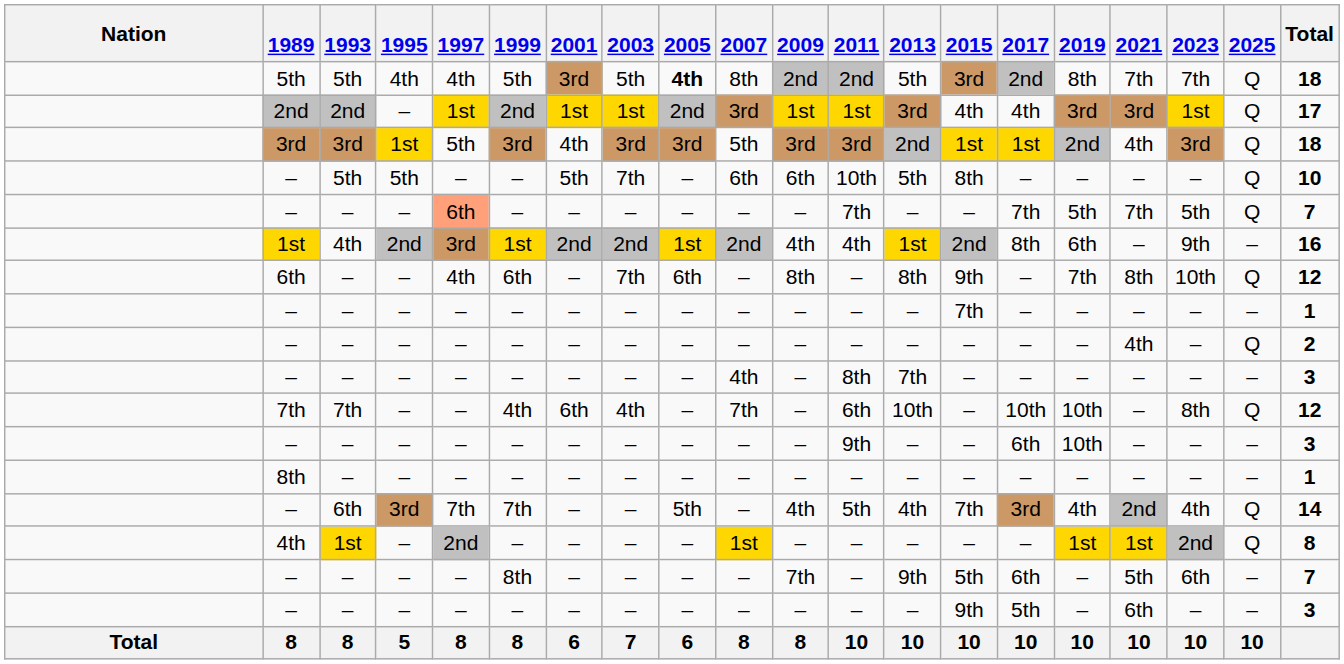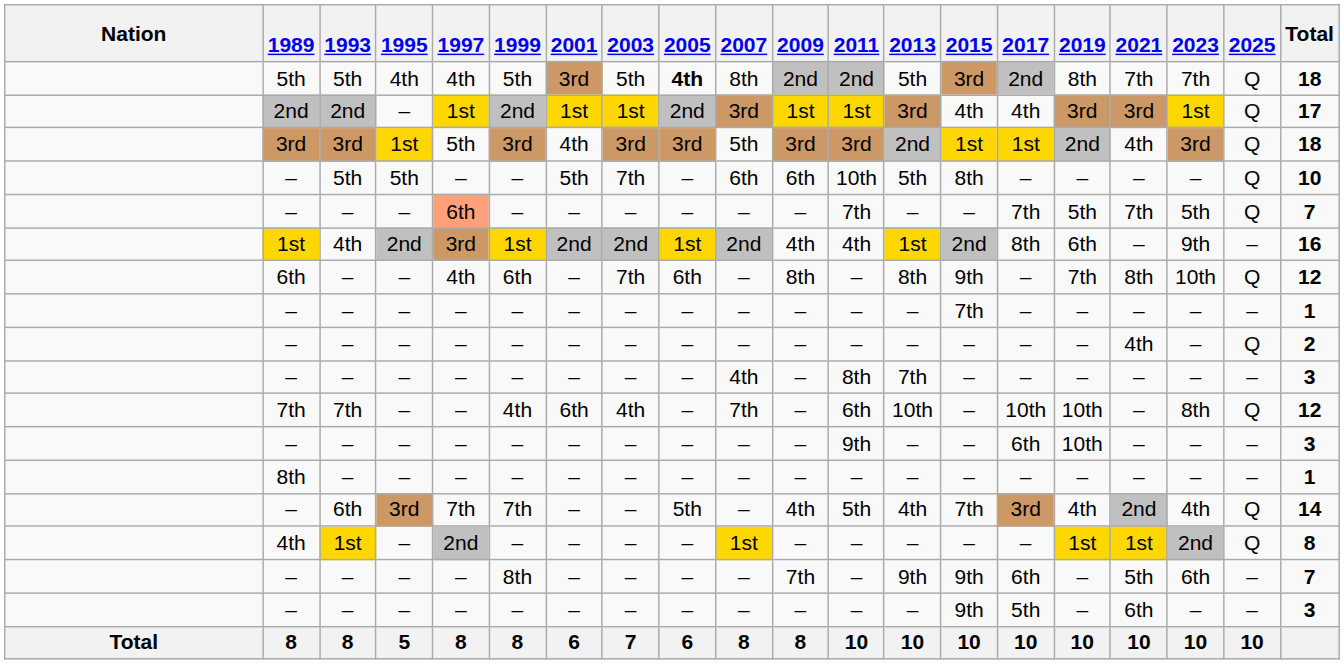 <table class="wikitable" style="text-align:center; font-size:90%">
 <tr>
 <th width=170>Nation</th>
 <th><br><a href='#'>1989</a></th>
 <th><br><a href='#'>1993</a></th>
 <th><br><a href='#'>1995</a></th>
 <th><br><a href='#'>1997</a></th>
 <th><br><a href='#'>1999</a></th>
 <th><br><a href='#'>2001</a></th>
 <th><br><a href='#'>2003</a></th>
 <th><br><a href='#'>2005</a></th>
 <th><br><a href='#'>2007</a></th>
 <th><br><a href='#'>2009</a></th>
 <th><br><a href='#'>2011</a></th>
 <th><br><a href='#'>2013</a></th>
 <th><br><a href='#'>2015</a></th>
 <th><br><a href='#'>2017</a></th>
 <th><br><a href='#'>2019</a></th>
 <th><br><a href='#'>2021</a></th>
 <th><br><a href='#'>2023</a></th>
 <th><br><a href='#'>2025</a></th>
 <th>Total</th>
 </tr>
 <tr>
 <td align=left></td>
 <td>5th</td>
 <td>5th</td>
 <td>4th</td>
 <td>4th</td>
 <td>5th</td>
 <td bgcolor=cc9966>3rd</td>
 <td>5th</td>
 <td><strong>4th</strong></td>
 <td>8th</td>
 <td bgcolor=silver>2nd</td>
 <td bgcolor=silver>2nd</td>
 <td>5th</td>
 <td bgcolor=cc9966>3rd</td>
 <td bgcolor=silver>2nd</td>
 <td>8th</td>
 <td>7th</td>
 <td>7th</td>
 <td>Q</td>
 <td><strong>18</strong></td>
 </tr>
 <tr>
 <td align=left></td>
 <td bgcolor=silver>2nd</td>
 <td bgcolor=silver>2nd</td>
 <td>–</td>
 <td bgcolor=gold>1st</td>
 <td bgcolor=silver>2nd</td>
 <td bgcolor=gold>1st</td>
 <td bgcolor=gold>1st</td>
 <td bgcolor=silver>2nd</td>
 <td bgcolor=cc9966>3rd</td>
 <td bgcolor=gold>1st</td>
 <td bgcolor=gold>1st</td>
 <td bgcolor=cc9966>3rd</td>
 <td>4th</td>
 <td>4th</td>
 <td bgcolor=cc9966>3rd</td>
 <td bgcolor=cc9966>3rd</td>
 <td bgcolor=gold>1st</td>
 <td>Q</td>
 <td><strong>17</strong></td>
 </tr>
 <tr>
 <td align=left></td>
 <td bgcolor=cc9966>3rd</td>
 <td bgcolor=cc9966>3rd</td>
 <td bgcolor=gold>1st</td>
 <td>5th</td>
 <td bgcolor=cc9966>3rd</td>
 <td>4th</td>
 <td bgcolor=cc9966>3rd</td>
 <td bgcolor=cc9966>3rd</td>
 <td>5th</td>
 <td bgcolor=cc9966>3rd</td>
 <td bgcolor=cc9966>3rd</td>
 <td bgcolor=silver>2nd</td>
 <td bgcolor=gold>1st</td>
 <td bgcolor=gold>1st</td>
 <td bgcolor=silver>2nd</td>
 <td>4th</td>
 <td bgcolor=cc9966>3rd</td>
 <td>Q</td>
 <td><strong>18</strong></td>
 </tr>
 <tr>
 <td align=left></td>
 <td>–</td>
 <td>5th</td>
 <td>5th</td>
 <td>–</td>
 <td>–</td>
 <td>5th</td>
 <td>7th</td>
 <td>–</td>
 <td>6th</td>
 <td>6th</td>
 <td>10th</td>
 <td>5th</td>
 <td>8th</td>
 <td>–</td>
 <td>–</td>
 <td>–</td>
 <td>–</td>
 <td>Q</td>
 <td><strong>10</strong></td>
 </tr>
 <tr>
 <td align=left></td>
 <td>–</td>
 <td>–</td>
 <td>–</td>
 <td style="background: lightsalmon;">6th</td>
 <td>–</td>
 <td>–</td>
 <td>–</td>
 <td>–</td>
 <td>–</td>
 <td>–</td>
 <td>7th</td>
 <td>–</td>
 <td>–</td>
 <td>7th</td>
 <td>5th</td>
 <td>7th</td>
 <td>5th</td>
 <td>Q</td>
 <td><strong>7</strong></td>
 </tr>
 <tr>
 <td align=left></td>
 <td bgcolor=gold>1st</td>
 <td>4th</td>
 <td bgcolor=silver>2nd</td>
 <td bgcolor=cc9966>3rd</td>
 <td bgcolor=gold>1st</td>
 <td bgcolor=silver>2nd</td>
 <td bgcolor=silver>2nd</td>
 <td bgcolor=gold>1st</td>
 <td bgcolor=silver>2nd</td>
 <td>4th</td>
 <td>4th</td>
 <td bgcolor=gold>1st</td>
 <td bgcolor=silver>2nd</td>
 <td>8th</td>
 <td>6th</td>
 <td>–</td>
 <td>9th</td>
 <td>–</td>
 <td><strong>16</strong></td>
 </tr>
 <tr>
 <td align=left></td>
 <td>6th</td>
 <td>–</td>
 <td>–</td>
 <td>4th</td>
 <td>6th</td>
 <td>–</td>
 <td>7th</td>
 <td>6th</td>
 <td>–</td>
 <td>8th</td>
 <td>–</td>
 <td>8th</td>
 <td>9th</td>
 <td>–</td>
 <td>7th</td>
 <td>8th</td>
 <td>10th</td>
 <td>Q</td>
 <td><strong>12</strong></td>
 </tr>
 <tr>
 <td align=left></td>
 <td>–</td>
 <td>–</td>
 <td>–</td>
 <td>–</td>
 <td>–</td>
 <td>–</td>
 <td>–</td>
 <td>–</td>
 <td>–</td>
 <td>–</td>
 <td>–</td>
 <td>–</td>
 <td>7th</td>
 <td>–</td>
 <td>–</td>
 <td>–</td>
 <td>–</td>
 <td>–</td>
 <td><strong>1</strong></td>
 </tr>
 <tr>
 <td align=left></td>
 <td>–</td>
 <td>–</td>
 <td>–</td>
 <td>–</td>
 <td>–</td>
 <td>–</td>
 <td>–</td>
 <td>–</td>
 <td>–</td>
 <td>–</td>
 <td>–</td>
 <td>–</td>
 <td>–</td>
 <td>–</td>
 <td>–</td>
 <td>4th</td>
 <td>–</td>
 <td>Q</td>
 <td><strong>2</strong></td>
 </tr>
 <tr>
 <td align=left></td>
 <td>–</td>
 <td>–</td>
 <td>–</td>
 <td>–</td>
 <td>–</td>
 <td>–</td>
 <td>–</td>
 <td>–</td>
 <td>4th</td>
 <td>–</td>
 <td>8th</td>
 <td>7th</td>
 <td>–</td>
 <td>–</td>
 <td>–</td>
 <td>–</td>
 <td>–</td>
 <td>–</td>
 <td><strong>3</strong></td>
 </tr>
 <tr>
 <td align=left></td>
 <td>7th</td>
 <td>7th</td>
 <td>–</td>
 <td>–</td>
 <td>4th</td>
 <td>6th</td>
 <td>4th</td>
 <td>–</td>
 <td>7th</td>
 <td>–</td>
 <td>6th</td>
 <td>10th</td>
 <td>–</td>
 <td>10th</td>
 <td>10th</td>
 <td>–</td>
 <td>8th</td>
 <td>Q</td>
 <td><strong>12</strong></td>
 </tr>
 <tr>
 <td align=left></td>
 <td>–</td>
 <td>–</td>
 <td>–</td>
 <td>–</td>
 <td>–</td>
 <td>–</td>
 <td>–</td>
 <td>–</td>
 <td>–</td>
 <td>–</td>
 <td>9th</td>
 <td>–</td>
 <td>–</td>
 <td>6th</td>
 <td>10th</td>
 <td>–</td>
 <td>–</td>
 <td>–</td>
 <td><strong>3</strong></td>
 </tr>
 <tr>
 <td align=left></td>
 <td>8th</td>
 <td>–</td>
 <td>–</td>
 <td>–</td>
 <td>–</td>
 <td>–</td>
 <td>–</td>
 <td>–</td>
 <td>–</td>
 <td>–</td>
 <td>–</td>
 <td>–</td>
 <td>–</td>
 <td>–</td>
 <td>–</td>
 <td>–</td>
 <td>–</td>
 <td>–</td>
 <td><strong>1</strong></td>
 </tr>
 <tr>
 <td align=left></td>
 <td>–</td>
 <td>6th</td>
 <td bgcolor=cc9966>3rd</td>
 <td>7th</td>
 <td>7th</td>
 <td>–</td>
 <td>–</td>
 <td>5th</td>
 <td>–</td>
 <td>4th</td>
 <td>5th</td>
 <td>4th</td>
 <td>7th</td>
 <td bgcolor=cc9966>3rd</td>
 <td>4th</td>
 <td bgcolor=silver>2nd</td>
 <td>4th</td>
 <td>Q</td>
 <td><strong>14</strong></td>
 </tr>
 <tr>
 <td align=left></td>
 <td>4th</td>
 <td bgcolor=gold>1st</td>
 <td>–</td>
 <td bgcolor=silver>2nd</td>
 <td>–</td>
 <td>–</td>
 <td>–</td>
 <td>–</td>
 <td bgcolor=gold>1st</td>
 <td>–</td>
 <td>–</td>
 <td>–</td>
 <td>–</td>
 <td>–</td>
 <td bgcolor=gold>1st</td>
 <td bgcolor=gold>1st</td>
 <td bgcolor=silver>2nd</td>
 <td>Q</td>
 <td><strong>8</strong></td>
 </tr>
 <tr>
 <td align=left></td>
 <td>–</td>
 <td>–</td>
 <td>–</td>
 <td>–</td>
 <td>8th</td>
 <td>–</td>
 <td>–</td>
 <td>–</td>
 <td>–</td>
 <td>7th</td>
 <td>–</td>
 <td>9th</td>
-<td>5th</td>
+<td>9th</td>
 <td>6th</td>
 <td>–</td>
 <td>5th</td>
 <td>6th</td>
 <td>–</td>
 <td><strong>7</strong></td>
 </tr>
 <tr>
 <td align=left></td>
 <td>–</td>
 <td>–</td>
 <td>–</td>
 <td>–</td>
 <td>–</td>
 <td>–</td>
 <td>–</td>
 <td>–</td>
 <td>–</td>
 <td>–</td>
 <td>–</td>
 <td>–</td>
 <td>9th</td>
 <td>5th</td>
 <td>–</td>
 <td>6th</td>
 <td>–</td>
 <td>–</td>
 <td><strong>3</strong></td>
 </tr>
 <tr>
 <th>Total</th>
 <th>8</th>
 <th>8</th>
 <th>5</th>
 <th>8</th>
 <th>8</th>
 <th>6</th>
 <th>7</th>
 <th>6</th>
 <th>8</th>
 <th>8</th>
 <th>10</th>
 <th>10</th>
 <th>10</th>
 <th>10</th>
 <th>10</th>
 <th>10</th>
 <th>10</th>
 <th>10</th>
 <th></th>
 </tr>
 </table>
